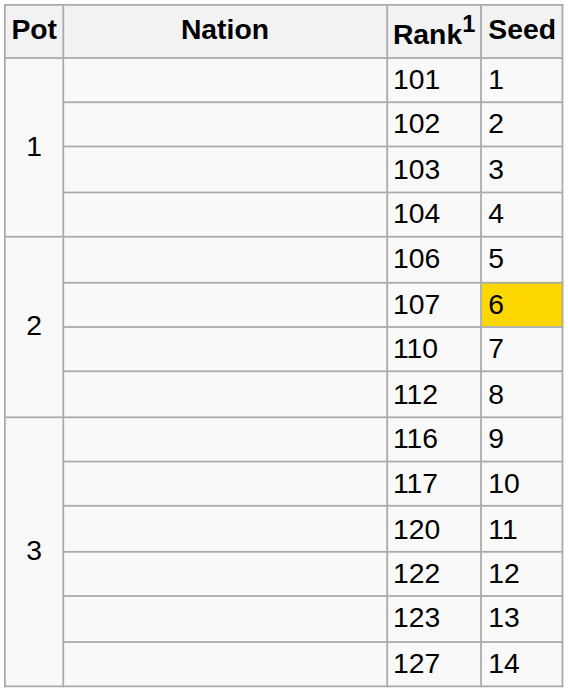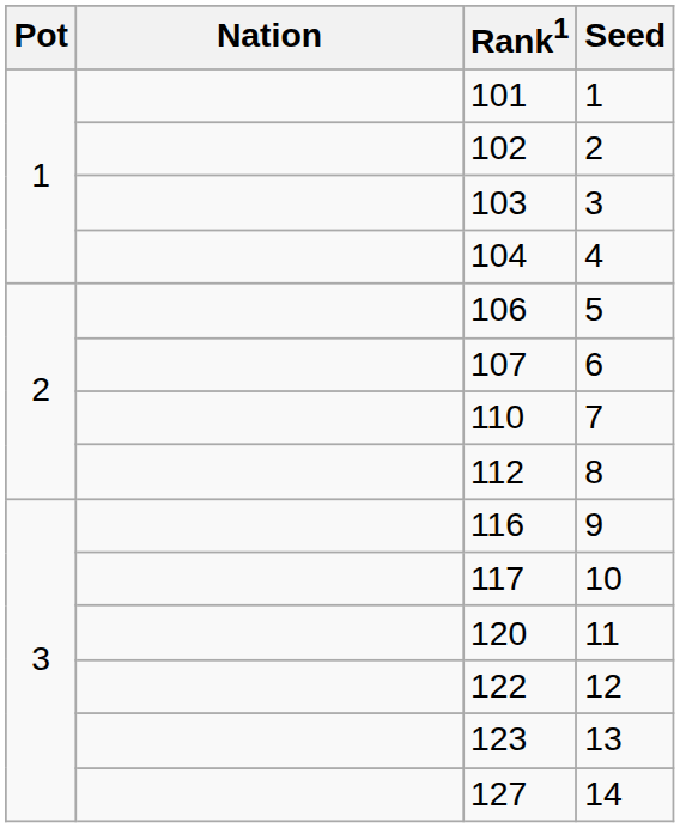 <table class="wikitable">
 <tr>
 <th>Pot</th>
 <th width="175">Nation</th>
 <th>Rank<sup>1</sup></th>
 <th>Seed</th>
 </tr>
 <tr>
 <td rowspan=4 style="text-align:center;">1</td>
 <td></td>
 <td>101</td>
 <td>1</td>
 </tr>
 <tr>
 <td></td>
 <td>102</td>
 <td>2</td>
 </tr>
 <tr>
 <td></td>
 <td>103</td>
 <td>3</td>
 </tr>
 <tr>
 <td></td>
 <td>104</td>
 <td>4</td>
 </tr>
 <tr>
 <td rowspan=4 style="text-align:center;">2</td>
 <td></td>
 <td>106</td>
 <td>5</td>
 </tr>
 <tr>
 <td></td>
 <td>107</td>
-<td style="background: gold;">6</td>
+<td>6</td>
 </tr>
 <tr>
 <td></td>
 <td>110</td>
 <td>7</td>
 </tr>
 <tr>
 <td></td>
 <td>112</td>
 <td>8</td>
 </tr>
 <tr>
 <td rowspan=6 style="text-align:center;">3</td>
 <td></td>
 <td>116</td>
 <td>9</td>
 </tr>
 <tr>
 <td></td>
 <td>117</td>
 <td>10</td>
 </tr>
 <tr>
 <td></td>
 <td>120</td>
 <td>11</td>
 </tr>
 <tr>
 <td></td>
 <td>122</td>
 <td>12</td>
 </tr>
 <tr>
 <td></td>
 <td>123</td>
 <td>13</td>
 </tr>
 <tr>
 <td></td>
 <td>127</td>
 <td>14</td>
 </tr>
 </table>
